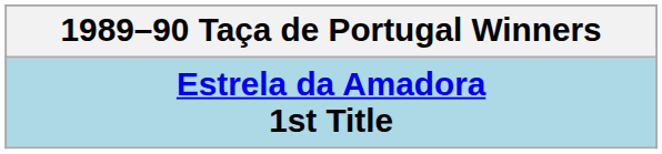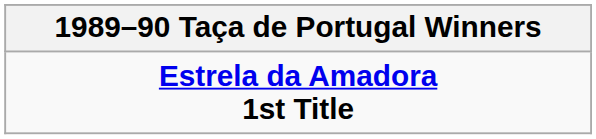 <table class="wikitable" style="text-align: center; margin: 0 auto; width: 20%">
 <tr>
 <th>1989–90 Taça de Portugal Winners</th>
 </tr>
 <tr>
-<td style="background: lightblue;"><strong><a href='#'>Estrela da Amadora</a></strong><br><strong>1st Title</strong></td>
+<td><strong><a href='#'>Estrela da Amadora</a></strong><br><strong>1st Title</strong></td>
 </tr>
 </table>
